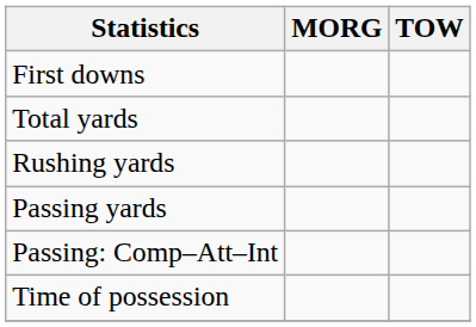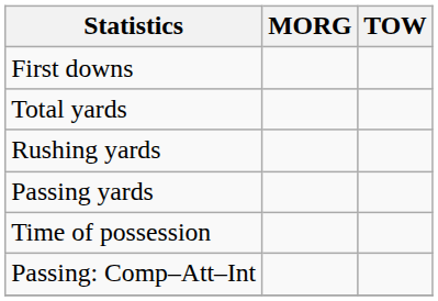 <table class="wikitable" style="float: left;">
 <tr>
 <th>Statistics</th>
 <th>MORG</th>
 <th>TOW</th>
 </tr>
 <tr>
 <td>First downs</td>
 <td></td>
 <td></td>
 </tr>
 <tr>
 <td>Total yards</td>
 <td></td>
 <td></td>
 </tr>
 <tr>
 <td>Rushing yards</td>
 <td></td>
 <td></td>
 </tr>
 <tr>
 <td>Passing yards</td>
 <td></td>
 <td></td>
 </tr>
 <tr>
-<td>Passing: Comp–Att–Int</td>
+<td>Time of possession</td>
 <td></td>
 <td></td>
 </tr>
 <tr>
-<td>Time of possession</td>
+<td>Passing: Comp–Att–Int</td>
 <td></td>
 <td></td>
 </tr>
 <tr>
 </tr>
 </table>
